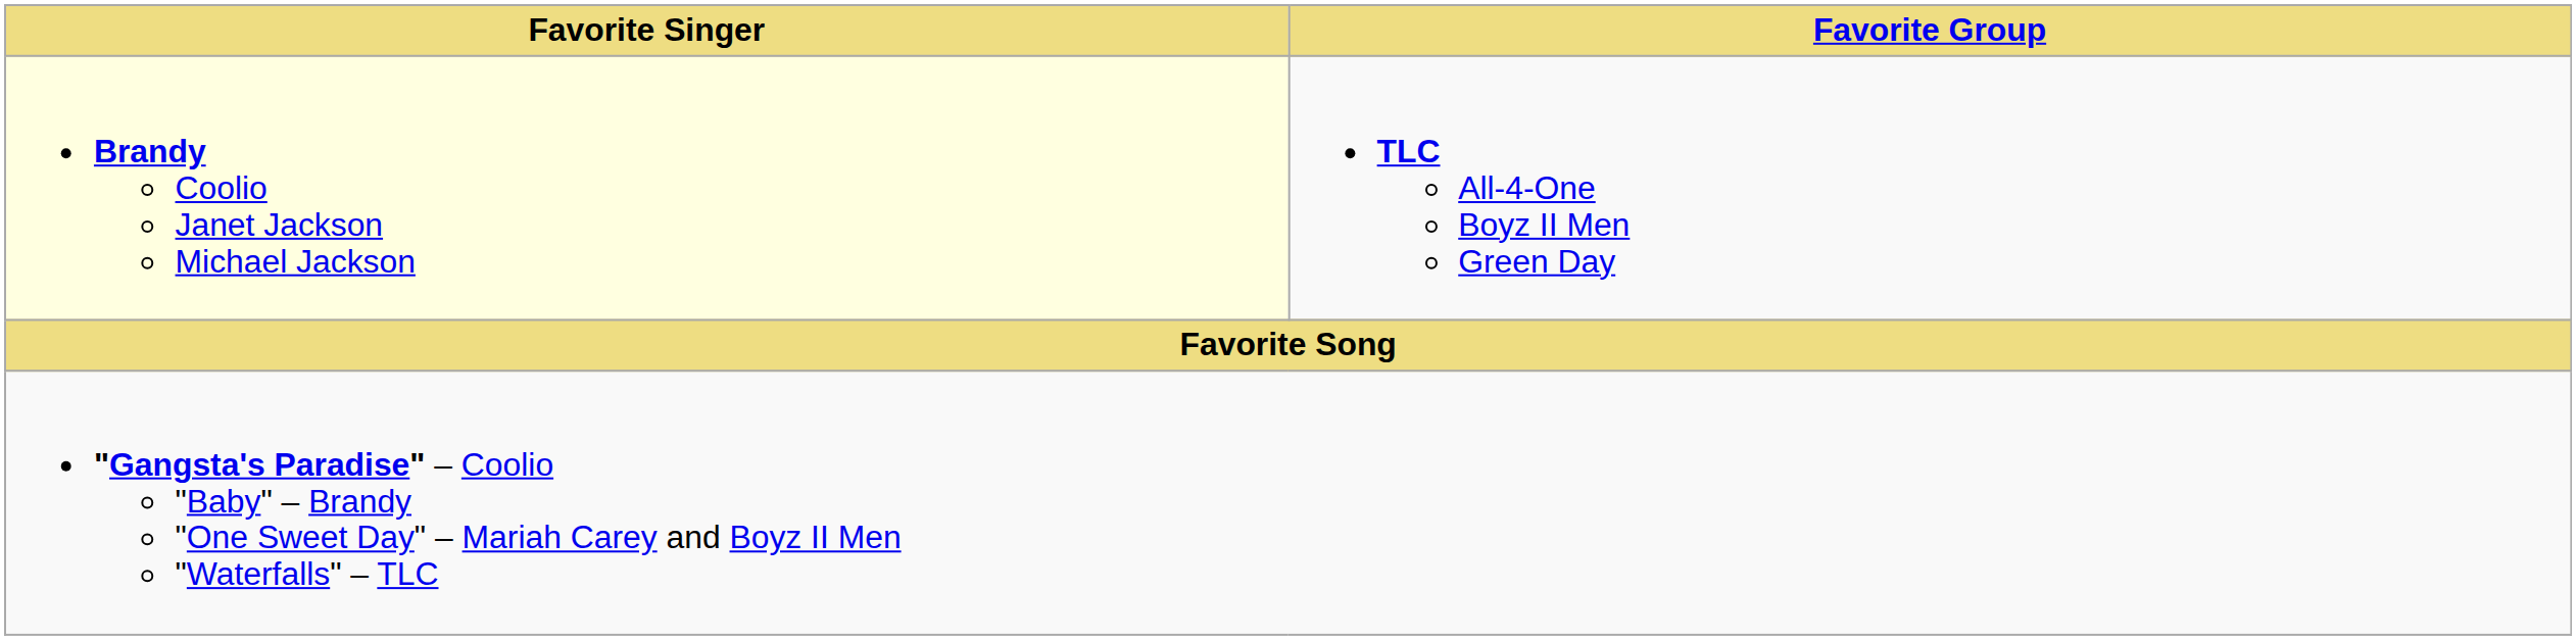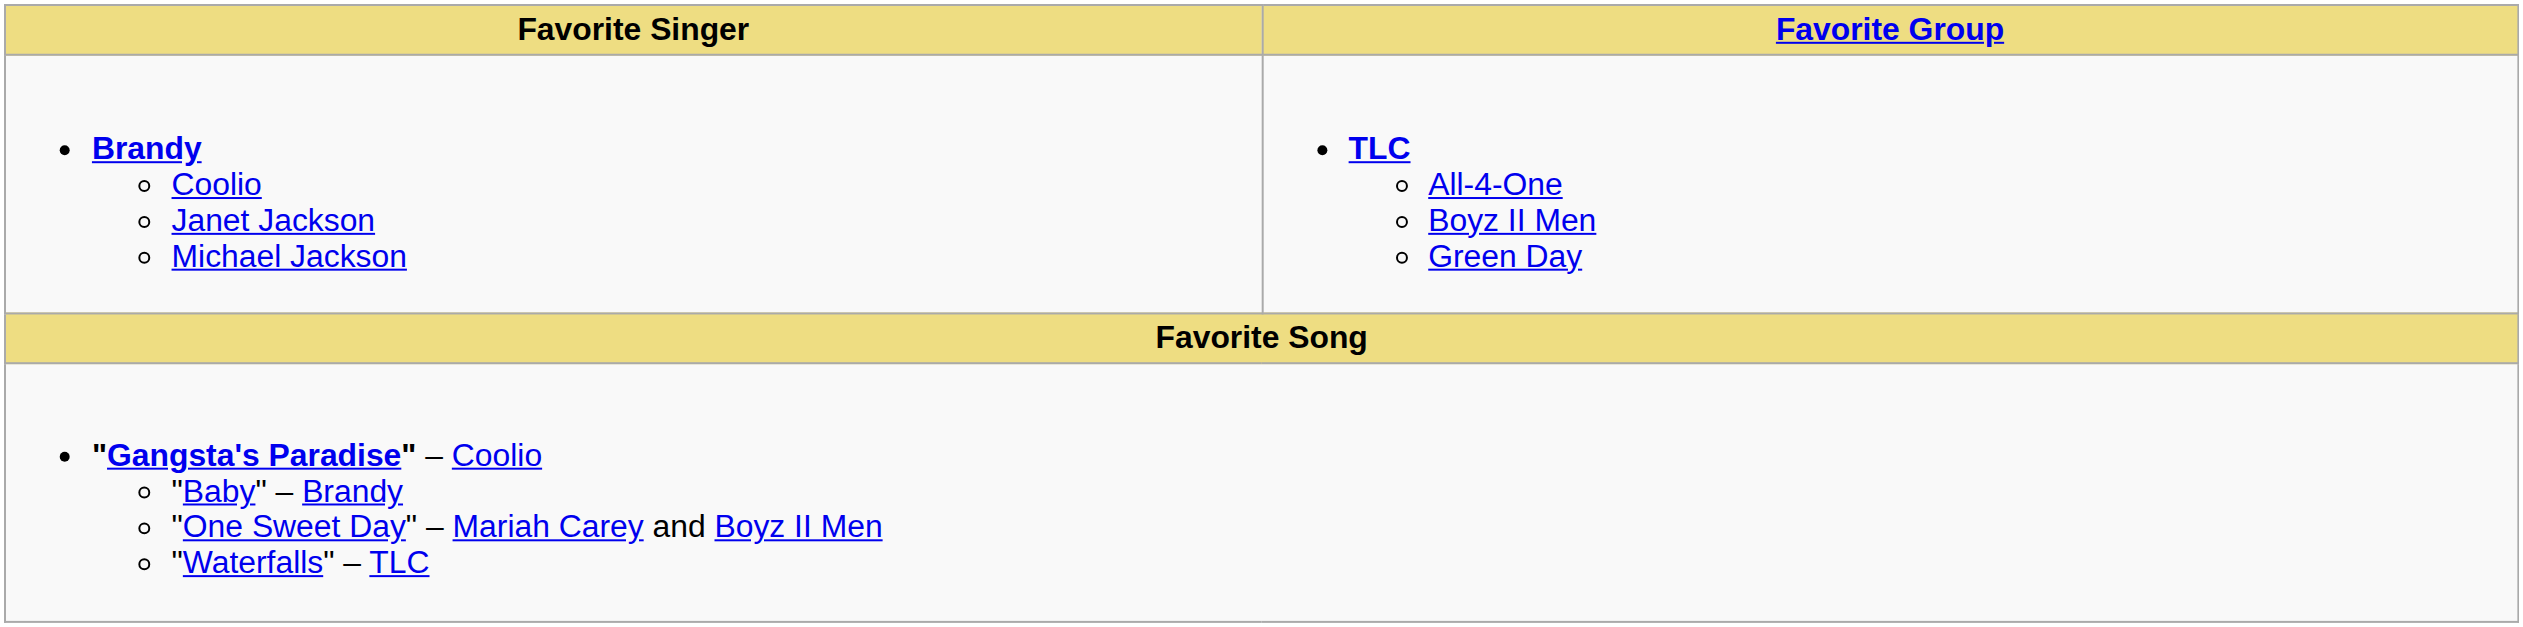 <table class="wikitable" style="width:100%">
 <tr>
 <th style="background:#EEDD82; width:50%">Favorite Singer</th>
 <th style="background:#EEDD82; width:50%"><a href='#'>Favorite Group</a></th>
 </tr>
 <tr>
-<td valign="top" style="background: lightyellow;"><br><ul><li><strong><a href='#'>Brandy</a></strong><ul><li><a href='#'>Coolio</a></li><li><a href='#'>Janet Jackson</a></li><li><a href='#'>Michael Jackson</a></li></ul></li></ul></td>
+<td valign="top"><br><ul><li><strong><a href='#'>Brandy</a></strong><ul><li><a href='#'>Coolio</a></li><li><a href='#'>Janet Jackson</a></li><li><a href='#'>Michael Jackson</a></li></ul></li></ul></td>
 <td valign="top"><br><ul><li><strong><a href='#'>TLC</a></strong><ul><li><a href='#'>All-4-One</a></li><li><a href='#'>Boyz II Men</a></li><li><a href='#'>Green Day</a></li></ul></li></ul></td>
 </tr>
 <tr>
 <th style="background:#EEDD82;" colspan="2">Favorite Song</th>
 </tr>
 <tr>
 <td colspan="2" valign="top"><br><ul><li><strong>"<a href='#'>Gangsta's Paradise</a>"</strong> – <a href='#'>Coolio</a><ul><li>"<a href='#'>Baby</a>" – <a href='#'>Brandy</a></li><li>"<a href='#'>One Sweet Day</a>" – <a href='#'>Mariah Carey</a> and <a href='#'>Boyz II Men</a></li><li>"<a href='#'>Waterfalls</a>" – <a href='#'>TLC</a></li></ul></li></ul></td>
 </tr>
 </table>
